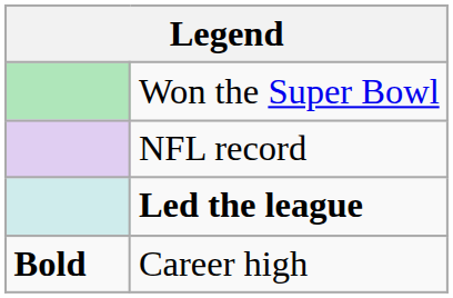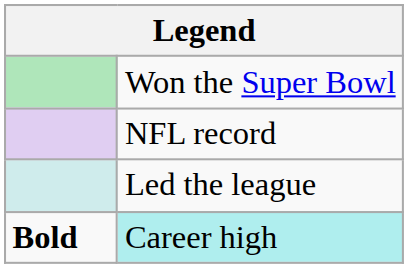 <table class="wikitable mw-collapsible">
 <tr>
 <th colspan="2">Legend</th>
 </tr>
 <tr>
 <td style="background:#afe6ba; width:3em;"></td>
 <td>Won the <a href='#'>Super Bowl</a></td>
 </tr>
 <tr>
 <td style="background:#e0cef2; width:3em;"></td>
 <td>NFL record</td>
 </tr>
 <tr>
 <td style="background:#cfecec; width:3em;"></td>
-<td><strong>Led the league</strong></td>
+<td>Led the league</td>
 </tr>
 <tr>
 <td><strong>Bold</strong></td>
-<td>Career high</td>
+<td style="background: paleturquoise;">Career high</td>
 </tr>
 </table>
